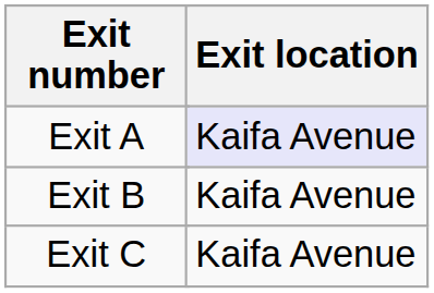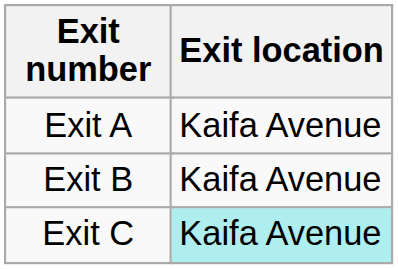 <table class="wikitable">
 <tr>
 <th colspan="2" style="width:70px">Exit number</th>
 <th>Exit location</th>
 </tr>
 <tr>
 <td colspan="2" align="center">Exit A</td>
-<td style="background: lavender;">Kaifa Avenue</td>
+<td>Kaifa Avenue</td>
 </tr>
 <tr>
 <td colspan="2" align="center">Exit B</td>
 <td>Kaifa Avenue</td>
 </tr>
 <tr>
 <td colspan="2" align="center">Exit C</td>
-<td>Kaifa Avenue</td>
+<td style="background: paleturquoise;">Kaifa Avenue</td>
 </tr>
 </table>
